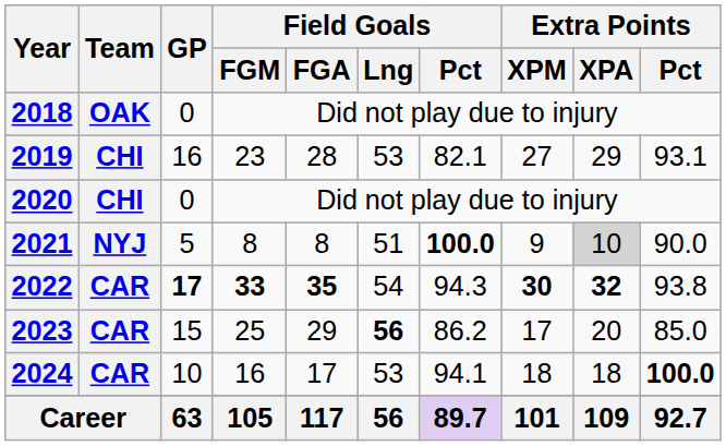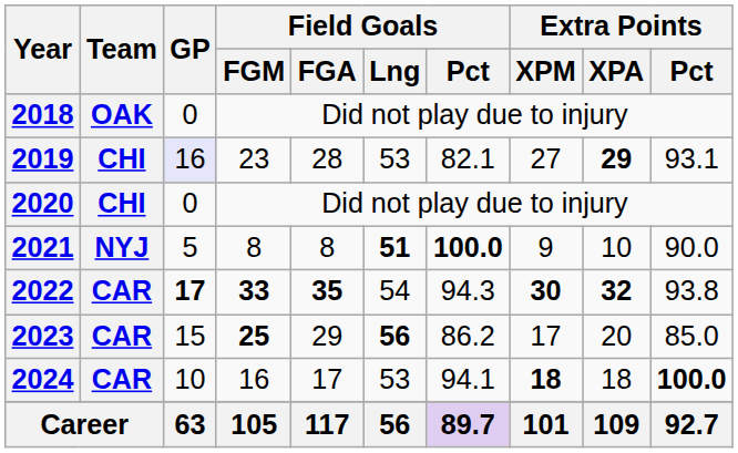 <table class="wikitable" style="text-align:center;">
 <tr>
 <th rowspan="2">Year</th>
 <th rowspan="2">Team</th>
 <th rowspan="2">GP</th>
 <th colspan="4">Field Goals</th>
 <th colspan="3">Extra Points</th>
 </tr>
 <tr>
 <th>FGM</th>
 <th>FGA</th>
 <th>Lng</th>
 <th>Pct</th>
 <th>XPM</th>
 <th>XPA</th>
 <th>Pct</th>
 </tr>
 <tr>
 <th><a href='#'>2018</a></th>
 <th><a href='#'>OAK</a></th>
 <td>0</td>
 <td colspan="7">Did not play due to injury</td>
 </tr>
 <tr>
 <th><a href='#'>2019</a></th>
 <th><a href='#'>CHI</a></th>
-<td>16</td>
+<td style="background: lavender;">16</td>
 <td>23</td>
 <td>28</td>
 <td>53</td>
 <td>82.1</td>
 <td>27</td>
-<td>29</td>
+<td><strong>29</strong></td>
 <td>93.1</td>
 </tr>
 <tr>
 <th><a href='#'>2020</a></th>
 <th><a href='#'>CHI</a></th>
 <td>0</td>
 <td colspan="7">Did not play due to injury</td>
 </tr>
 <tr>
 <th><a href='#'>2021</a></th>
 <th><a href='#'>NYJ</a></th>
 <td>5</td>
 <td>8</td>
 <td>8</td>
-<td>51</td>
+<td><strong>51</strong></td>
 <td><strong>100.0</strong></td>
 <td>9</td>
-<td style="background: lightgrey;">10</td>
+<td>10</td>
 <td>90.0</td>
 </tr>
 <tr>
 <th><a href='#'>2022</a></th>
 <th><a href='#'>CAR</a></th>
 <td><strong>17</strong></td>
 <td><strong>33</strong></td>
 <td><strong>35</strong></td>
 <td>54</td>
 <td>94.3</td>
 <td><strong>30</strong></td>
 <td><strong>32</strong></td>
 <td>93.8</td>
 </tr>
 <tr>
 <th><a href='#'>2023</a></th>
 <th><a href='#'>CAR</a></th>
 <td>15</td>
-<td>25</td>
+<td><strong>25</strong></td>
 <td>29</td>
 <td><strong>56</strong></td>
 <td>86.2</td>
 <td>17</td>
 <td>20</td>
 <td>85.0</td>
 </tr>
 <tr>
 <th><a href='#'>2024</a></th>
 <th><a href='#'>CAR</a></th>
 <td>10</td>
 <td>16</td>
 <td>17</td>
 <td>53</td>
 <td>94.1</td>
-<td>18</td>
+<td><strong>18</strong></td>
 <td>18</td>
 <td><strong>100.0</strong></td>
 </tr>
 <tr>
 </tr>
 <tr>
 <th colspan="2">Career</th>
 <th>63</th>
 <th>105</th>
 <th>117</th>
 <th>56</th>
 <th style="background:#e0cef2;">89.7</th>
 <th>101</th>
 <th>109</th>
 <th>92.7</th>
 </tr>
 </table>
